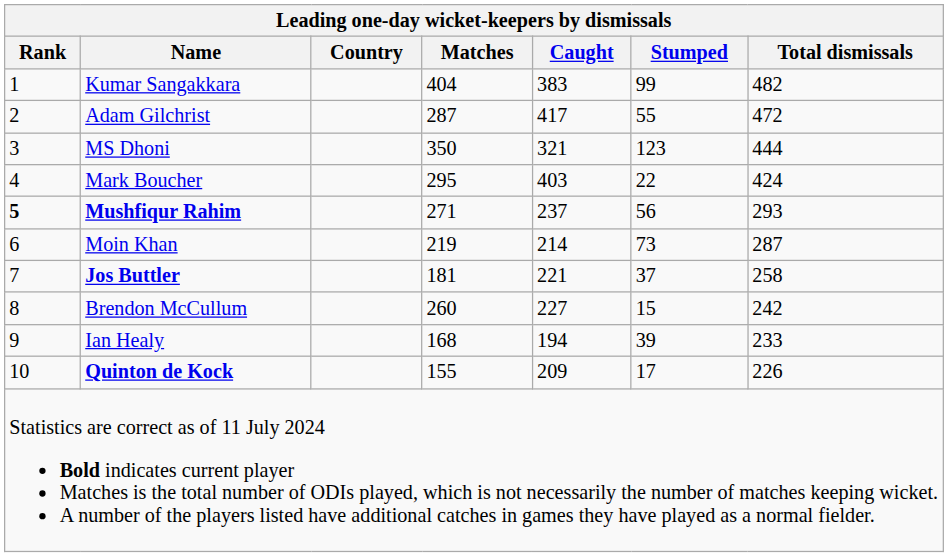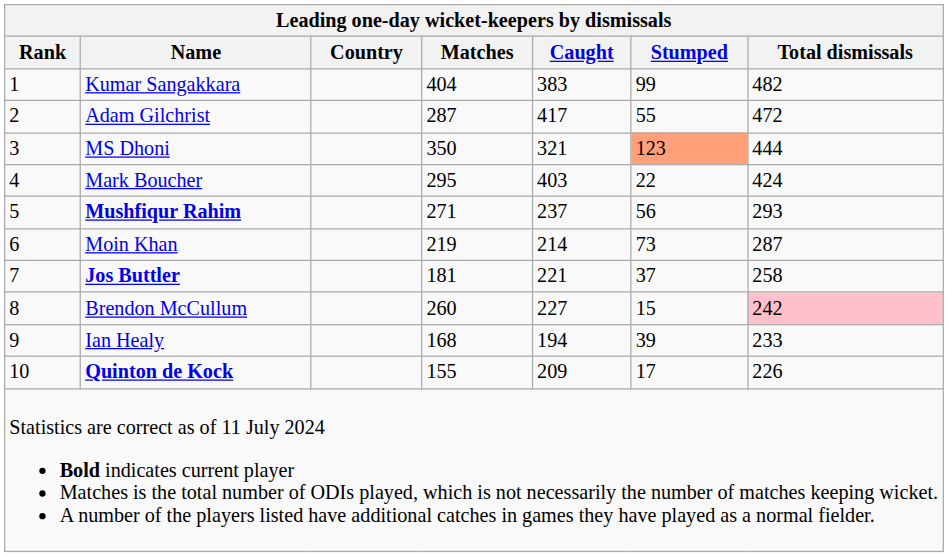 <table class="wikitable">
 <tr>
 <th colspan="7">Leading one-day wicket-keepers by dismissals</th>
 </tr>
 <tr>
 <th>Rank</th>
 <th>Name</th>
 <th>Country</th>
 <th>Matches</th>
 <th><a href='#'>Caught</a></th>
 <th><a href='#'>Stumped</a></th>
 <th>Total dismissals</th>
 </tr>
 <tr>
 <td>1</td>
 <td><a href='#'>Kumar Sangakkara</a></td>
 <td></td>
 <td>404</td>
 <td>383</td>
 <td>99</td>
 <td>482</td>
 </tr>
 <tr>
 <td>2</td>
 <td><a href='#'>Adam Gilchrist</a></td>
 <td></td>
 <td>287</td>
 <td>417</td>
 <td>55</td>
 <td>472</td>
 </tr>
 <tr>
 <td>3</td>
 <td><a href='#'>MS Dhoni</a></td>
 <td></td>
 <td>350</td>
 <td>321</td>
-<td>123</td>
+<td style="background: lightsalmon;">123</td>
 <td>444</td>
 </tr>
 <tr>
 <td>4</td>
 <td><a href='#'>Mark Boucher</a></td>
 <td></td>
 <td>295</td>
 <td>403</td>
 <td>22</td>
 <td>424</td>
 </tr>
 <tr>
-<td><strong>5</strong></td>
+<td>5</td>
 <td><strong><a href='#'>Mushfiqur Rahim</a> </strong></td>
 <td></td>
 <td>271</td>
 <td>237</td>
 <td>56</td>
 <td>293</td>
 </tr>
 <tr>
 <td>6</td>
 <td><a href='#'>Moin Khan</a></td>
 <td></td>
 <td>219</td>
 <td>214</td>
 <td>73</td>
 <td>287</td>
 </tr>
 <tr>
 <td>7</td>
 <td><strong><a href='#'>Jos Buttler</a></strong></td>
 <td></td>
 <td>181</td>
 <td>221</td>
 <td>37</td>
 <td>258</td>
 </tr>
 <tr>
 <td>8</td>
 <td><a href='#'>Brendon McCullum</a></td>
 <td></td>
 <td>260</td>
 <td>227</td>
 <td>15</td>
-<td>242</td>
+<td style="background: pink;">242</td>
 </tr>
 <tr>
 <td>9</td>
 <td><a href='#'>Ian Healy</a></td>
 <td></td>
 <td>168</td>
 <td>194</td>
 <td>39</td>
 <td>233</td>
 </tr>
 <tr>
 <td>10</td>
 <td><strong><a href='#'>Quinton de Kock</a></strong></td>
 <td></td>
 <td>155</td>
 <td>209</td>
 <td>17</td>
 <td>226</td>
 </tr>
 <tr>
 <td colspan=7><br>Statistics are correct as of 11 July 2024<ul><li><strong>Bold</strong> indicates current player</li><li>Matches is the total number of ODIs played, which is not necessarily the number of matches keeping wicket.</li><li>A number of the players listed have additional catches in games they have played as a normal fielder.</li></ul></td>
 </tr>
 </table>
